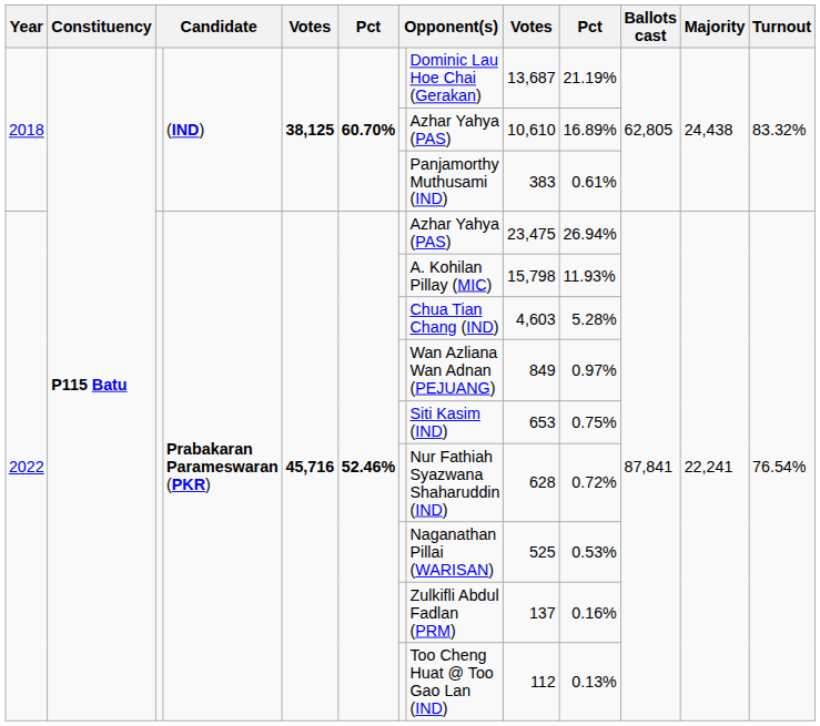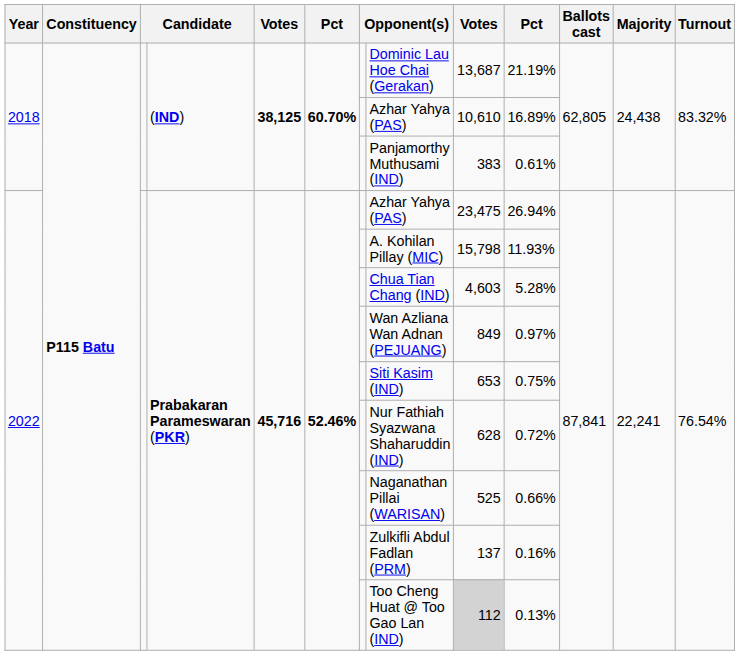 <table class="wikitable" style="margin:0.5em ; font-size:95%">
 <tr>
 <th>Year</th>
 <th>Constituency</th>
 <th colspan=2>Candidate</th>
 <th>Votes</th>
 <th>Pct</th>
 <th colspan=2>Opponent(s)</th>
 <th>Votes</th>
 <th>Pct</th>
 <th>Ballots cast</th>
 <th>Majority</th>
 <th>Turnout</th>
 </tr>
 <tr>
 <td rowspan="3"><a href='#'>2018</a></td>
 <td rowspan=12><strong>P115 <a href='#'>Batu</a></strong></td>
 <td rowspan="3" ></td>
 <td rowspan="3"> (<a href='#'><strong>IND</strong></a>)</td>
 <td rowspan="3" align="right"><strong>38,125</strong></td>
 <td rowspan="3"><strong>60.70%</strong></td>
 <td></td>
 <td><a href='#'>Dominic Lau Hoe Chai</a> (<a href='#'>Gerakan</a>)</td>
 <td align=right>13,687</td>
 <td>21.19%</td>
 <td rowspan="3">62,805</td>
 <td rowspan="3">24,438</td>
 <td rowspan="3">83.32%</td>
 </tr>
 <tr>
 <td></td>
 <td>Azhar Yahya (<a href='#'>PAS</a>)</td>
 <td align="right">10,610</td>
 <td>16.89%</td>
 </tr>
 <tr>
 <td></td>
 <td>Panjamorthy Muthusami (<a href='#'>IND</a>)</td>
 <td align="right">383</td>
 <td align=right>0.61%</td>
 </tr>
 <tr>
 <td rowspan=9><a href='#'>2022</a></td>
 <td rowspan="9" ></td>
 <td rowspan="9"><strong>Prabakaran Parameswaran</strong> (<a href='#'><strong>PKR</strong></a>)</td>
 <td rowspan="9" align="right"><strong>45,716</strong></td>
 <td rowspan="9"><strong>52.46%</strong></td>
 <td bgcolor=></td>
 <td>Azhar Yahya (<a href='#'>PAS</a>)</td>
 <td align="right">23,475</td>
 <td>26.94%</td>
 <td rowspan=9>87,841</td>
 <td rowspan=9>22,241</td>
 <td rowspan=9>76.54%</td>
 </tr>
 <tr>
 <td></td>
 <td>A. Kohilan Pillay (<a href='#'>MIC</a>)</td>
 <td align="right">15,798</td>
 <td>11.93%</td>
 </tr>
 <tr>
 <td></td>
 <td><a href='#'>Chua Tian Chang</a> (<a href='#'>IND</a>)</td>
 <td align="right">4,603</td>
 <td align=right>5.28%</td>
 </tr>
 <tr>
 <td bgcolor=></td>
 <td>Wan Azliana Wan Adnan (<a href='#'>PEJUANG</a>)</td>
 <td align="right">849</td>
 <td align=right>0.97%</td>
 </tr>
 <tr>
 <td></td>
 <td><a href='#'>Siti Kasim</a> (<a href='#'>IND</a>)</td>
 <td align="right">653</td>
 <td align=right>0.75%</td>
 </tr>
 <tr>
 <td></td>
 <td>Nur Fathiah Syazwana Shaharuddin (<a href='#'>IND</a>)</td>
 <td align="right">628</td>
 <td align=right>0.72%</td>
 </tr>
 <tr>
 <td></td>
 <td>Naganathan Pillai (<a href='#'>WARISAN</a>)</td>
 <td align="right">525</td>
-<td align=right>0.53%</td>
+<td align=right>0.66%</td>
 </tr>
 <tr>
 <td bgcolor=></td>
 <td>Zulkifli Abdul Fadlan (<a href='#'>PRM</a>)</td>
 <td align="right">137</td>
 <td align=right>0.16%</td>
 </tr>
 <tr>
 <td></td>
 <td>Too Cheng Huat @ Too Gao Lan (<a href='#'>IND</a>)</td>
-<td align="right">112</td>
+<td align="right" style="background: lightgrey;">112</td>
 <td align=right>0.13%</td>
 </tr>
 </table>
